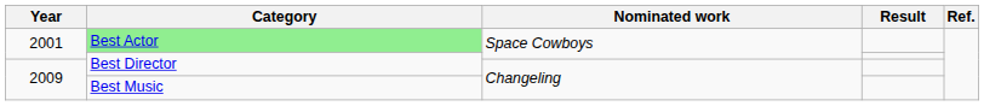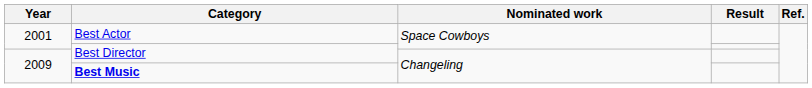 <table class=wikitable>
 <tr>
 <th scope="col" style="width:5em;">Year</th>
 <th scope="col" style="width:26em;">Category</th>
 <th scope="col" style="width:25em;">Nominated work</th>
 <th scope="col" style="width:5em;">Result</th>
 <th>Ref.</th>
 </tr>
 <tr>
 <td style="text-align:center;", rowspan="2">2001</td>
-<td style="background: lightgreen;"><a href='#'>Best Actor</a></td>
+<td><a href='#'>Best Actor</a></td>
 <td rowspan="2"><em>Space Cowboys</em></td>
 <td></td>
 <td rowspan=4></td>
 </tr>
 <tr>
 <td rowspan="2"><a href='#'>Best Director</a></td>
 <td></td>
 </tr>
 <tr>
 <td style="text-align:center;", rowspan="2">2009</td>
 <td rowspan="2"><em>Changeling</em></td>
 <td></td>
 </tr>
 <tr>
-<td><a href='#'>Best Music</a></td>
+<td><strong><a href='#'>Best Music</a></strong></td>
 <td></td>
 </tr>
 </table>
